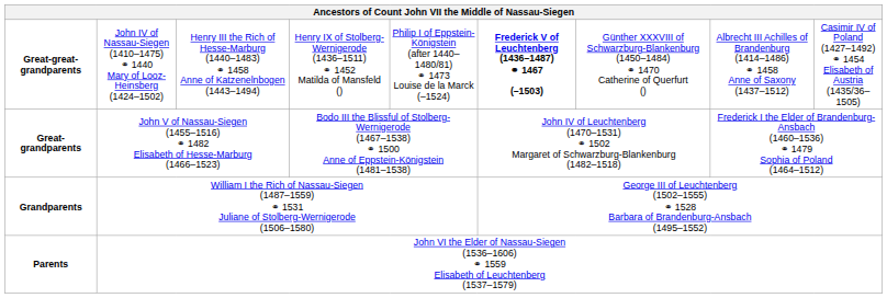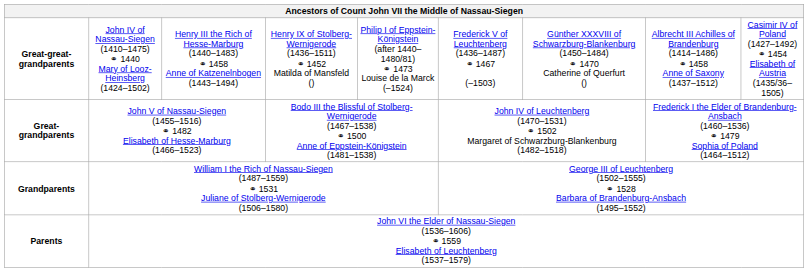 <table class="wikitable" style="background:#FFFFFF; font-size:85%; text-align:center">
 <tr bgcolor="#E0E0E0">
 <th colspan="9">Ancestors of Count John VII the Middle of Nassau-Siegen</th>
 </tr>
 <tr>
 <td><strong>Great-great-grandparents</strong></td>
 <td colspan="1"><a href='#'>John IV of Nassau-Siegen</a><br>(1410–1475)<br>⚭ 1440<br><a href='#'>Mary of Looz-Heinsberg</a><br>(1424–1502)</td>
 <td colspan="1"><a href='#'>Henry III the Rich of Hesse-Marburg</a><br>(1440–1483)<br>⚭ 1458<br><a href='#'>Anne of Katzenelnbogen</a><br>(1443–1494)</td>
 <td colspan="1"><a href='#'>Henry IX of Stolberg-Wernigerode</a><br>(1436–1511)<br>⚭ 1452<br>Matilda of Mansfeld<br>()</td>
 <td colspan="1"><a href='#'>Philip I of Eppstein-Königstein</a><br>(after 1440–1480/81)<br>⚭ 1473<br>Louise de la Marck<br>(–1524)</td>
-<td colspan="1"><strong><a href='#'>Frederick V of Leuchtenberg</a><br>(1436–1487)<br>⚭ 1467<br><br>(–1503)</strong></td>
+<td colspan="1"><a href='#'>Frederick V of Leuchtenberg</a><br>(1436–1487)<br>⚭ 1467<br><br>(–1503)</td>
 <td colspan="1"><a href='#'>Günther XXXVIII of Schwarzburg-Blankenburg</a><br>(1450–1484)<br>⚭ 1470<br>Catherine of Querfurt<br>()</td>
 <td colspan="1"><a href='#'>Albrecht III Achilles of Brandenburg</a><br>(1414–1486)<br>⚭ 1458<br><a href='#'>Anne of Saxony</a><br>(1437–1512)</td>
 <td colspan="1"><a href='#'>Casimir IV of Poland</a><br>(1427–1492)<br>⚭ 1454<br><a href='#'>Elisabeth of Austria</a><br>(1435/36–1505)</td>
 </tr>
 <tr>
 <td><strong>Great-grandparents</strong></td>
 <td colspan="2"><a href='#'>John V of Nassau-Siegen</a><br>(1455–1516)<br>⚭ 1482<br><a href='#'>Elisabeth of Hesse-Marburg</a><br>(1466–1523)</td>
 <td colspan="2"><a href='#'>Bodo III the Blissful of Stolberg-Wernigerode</a><br>(1467–1538)<br>⚭ 1500<br><a href='#'>Anne of Eppstein-Königstein</a><br>(1481–1538)</td>
 <td colspan="2"><a href='#'>John IV of Leuchtenberg</a><br>(1470–1531)<br>⚭ 1502<br>Margaret of Schwarzburg-Blankenburg<br>(1482–1518)</td>
 <td colspan="2"><a href='#'>Frederick I the Elder of Brandenburg-Ansbach</a><br>(1460–1536)<br>⚭ 1479<br><a href='#'>Sophia of Poland</a><br>(1464–1512)</td>
 </tr>
 <tr>
 <td><strong>Grandparents</strong></td>
 <td colspan="4"><a href='#'>William I the Rich of Nassau-Siegen</a><br>(1487–1559)<br>⚭ 1531<br><a href='#'>Juliane of Stolberg-Wernigerode</a><br>(1506–1580)</td>
 <td colspan="4"><a href='#'>George III of Leuchtenberg</a><br>(1502–1555)<br>⚭ 1528<br><a href='#'>Barbara of Brandenburg-Ansbach</a><br>(1495–1552)</td>
 </tr>
 <tr>
 <td><strong>Parents</strong></td>
 <td colspan="8"><a href='#'>John VI the Elder of Nassau-Siegen</a><br>(1536–1606)<br>⚭ 1559<br><a href='#'>Elisabeth of Leuchtenberg</a><br>(1537–1579)</td>
 </tr>
 </table>
